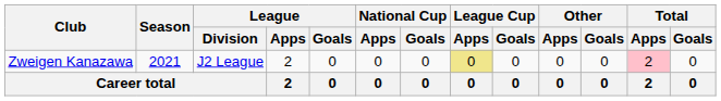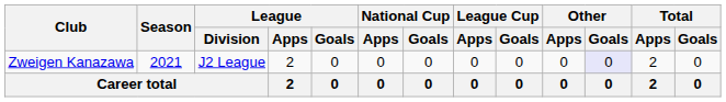 <table class="wikitable" style="text-align:center">
 <tr>
 <th rowspan="2">Club</th>
 <th rowspan="2">Season</th>
 <th colspan="3">League</th>
 <th colspan="2">National Cup</th>
 <th colspan="2">League Cup</th>
 <th colspan="2">Other</th>
 <th colspan="2">Total</th>
 </tr>
 <tr>
 <th>Division</th>
 <th>Apps</th>
 <th>Goals</th>
 <th>Apps</th>
 <th>Goals</th>
 <th>Apps</th>
 <th>Goals</th>
 <th>Apps</th>
 <th>Goals</th>
 <th>Apps</th>
 <th>Goals</th>
 </tr>
 <tr>
 <td><a href='#'>Zweigen Kanazawa</a></td>
 <td><a href='#'>2021</a></td>
 <td><a href='#'>J2 League</a></td>
 <td>2</td>
 <td>0</td>
 <td>0</td>
 <td>0</td>
-<td style="background: khaki;">0</td>
 <td>0</td>
 <td>0</td>
 <td>0</td>
-<td style="background: pink;">2</td>
+<td style="background: lavender;">0</td>
+<td>2</td>
 <td>0</td>
 </tr>
 <tr>
 <th colspan=3>Career total</th>
 <th>2</th>
 <th>0</th>
 <th>0</th>
 <th>0</th>
 <th>0</th>
 <th>0</th>
 <th>0</th>
 <th>0</th>
 <th>2</th>
 <th>0</th>
 </tr>
 </table>
